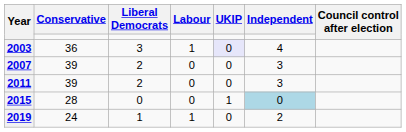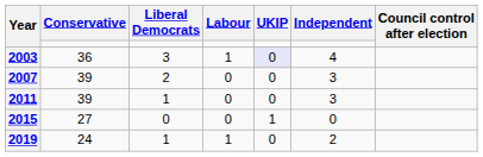 <table class="wikitable plainrowheaders" style="text-align:center">
 <tr>
 <th scope="col" rowspan="2">Year</th>
 <th scope="col"><a href='#'>Conservative</a></th>
 <th scope="col" style="width:1px"><a href='#'>Liberal Democrats</a></th>
 <th scope="col"><a href='#'>Labour</a></th>
 <th scope="col"><a href='#'>UKIP</a></th>
 <th scope="col"><a href='#'>Independent</a></th>
 <th scope="col" rowspan="2" colspan="2">Council control<br>after election</th>
 </tr>
 <tr>
 <td style="background:"></td>
 <td style="background:"></td>
 <td style="background:"></td>
 <td style="background:"></td>
 <td style="background:"></td>
 </tr>
 <tr>
 <th scope="row"><a href='#'>2003</a></th>
 <td>36</td>
 <td>3</td>
 <td>1</td>
 <td style="background: lavender;">0</td>
 <td>4</td>
 <td></td>
 </tr>
 <tr>
 <th scope="row"><a href='#'>2007</a></th>
 <td>39</td>
 <td>2</td>
 <td>0</td>
 <td>0</td>
 <td>3</td>
 <td></td>
 </tr>
 <tr>
 <th scope="row"><a href='#'>2011</a></th>
 <td>39</td>
-<td>2</td>
+<td>1</td>
 <td>0</td>
 <td>0</td>
 <td>3</td>
 <td></td>
 </tr>
 <tr>
 <th scope="row"><a href='#'>2015</a></th>
-<td>28</td>
+<td>27</td>
 <td>0</td>
 <td>0</td>
 <td>1</td>
-<td style="background: lightblue;">0</td>
+<td>0</td>
 <td></td>
 </tr>
 <tr>
 <th scope="row"><a href='#'>2019</a></th>
 <td>24</td>
 <td>1</td>
 <td>1</td>
 <td>0</td>
 <td>2</td>
 <td></td>
 </tr>
 </table>
